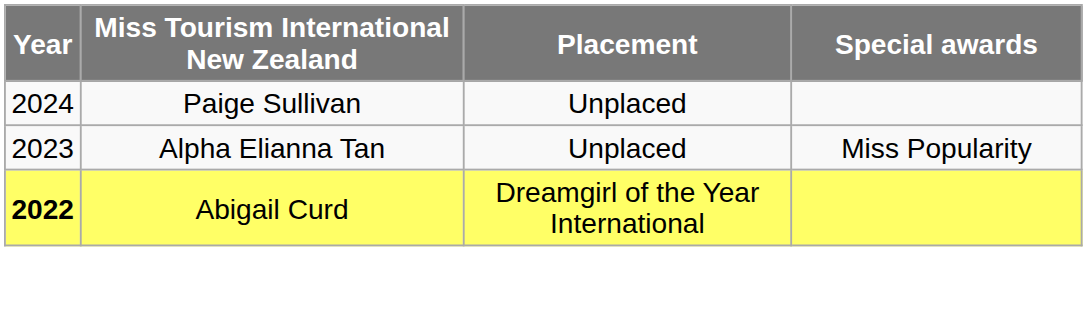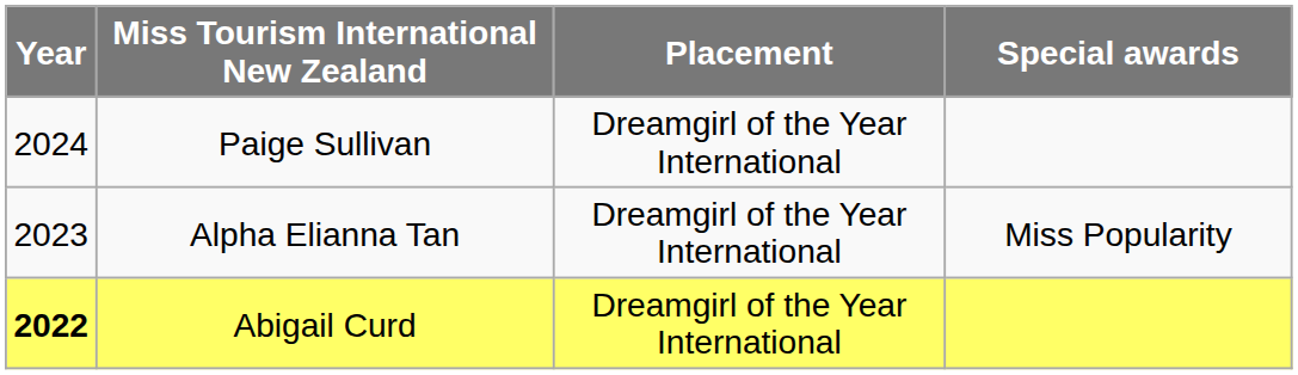 <table class="wikitable sortable" style="font-size: 95%; text-align:center">
 <tr>
 <th width="30" style="background-color:#787878;color:#FFFFFF;">Year</th>
 <th width="200" style="background-color:#787878;color:#FFFFFF;">Miss Tourism International New Zealand</th>
 <th width="170" style="background-color:#787878;color:#FFFFFF;">Placement</th>
 <th width="150" style="background-color:#787878;color:#FFFFFF;">Special awards</th>
 </tr>
 <tr>
 <td>2024</td>
 <td>Paige Sullivan</td>
-<td>Unplaced</td>
+<td>Dreamgirl of the Year International</td>
 <td></td>
 </tr>
 <tr>
 <td>2023</td>
 <td>Alpha Elianna Tan</td>
-<td>Unplaced</td>
+<td>Dreamgirl of the Year International</td>
 <td>Miss Popularity</td>
 </tr>
 <tr style="background-color:#FFFF66;">
 <td><strong>2022</strong></td>
 <td>Abigail Curd</td>
 <td>Dreamgirl of the Year International</td>
 <td></td>
 </tr>
 </table>
